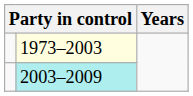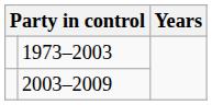 <table class="wikitable">
 <tr>
 <th colspan="2">Party in control</th>
 <th>Years</th>
 </tr>
 <tr>
 <td></td>
-<td style="background: lightyellow;">1973–2003</td>
+<td>1973–2003</td>
 </tr>
 <tr>
 <td></td>
-<td style="background: paleturquoise;">2003–2009</td>
+<td>2003–2009</td>
 </tr>
 </table>
